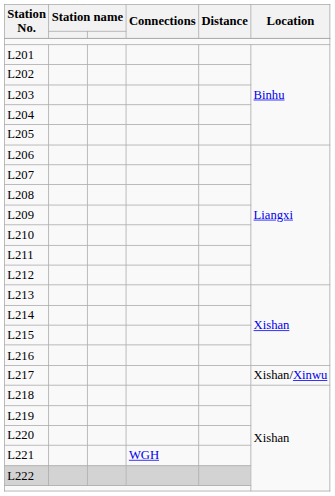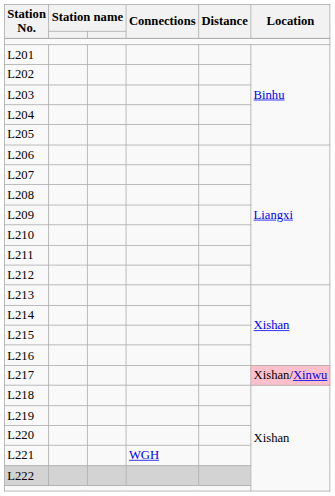 <table class="wikitable">
 <tr>
 <th rowspan="2">Station<br>No.</th>
 <th colspan="2">Station name</th>
 <th rowspan="2">Connections</th>
 <th rowspan="2">Distance<br></th>
 <th rowspan="2">Location</th>
 </tr>
 <tr>
 <th></th>
 <th></th>
 </tr>
 <tr style="background:#">
 </tr>
 <tr>
 </tr>
 <tr style="background:#">
 <td colspan="6"></td>
 </tr>
 <tr>
 <td>L201</td>
 <td></td>
 <td></td>
 <td></td>
 <td></td>
 <td rowspan="5"><a href='#'>Binhu</a></td>
 </tr>
 <tr>
 <td>L202</td>
 <td></td>
 <td></td>
 <td></td>
 <td></td>
 </tr>
 <tr>
 <td>L203</td>
 <td></td>
 <td></td>
 <td></td>
 <td></td>
 </tr>
 <tr>
 <td>L204</td>
 <td></td>
 <td></td>
 <td></td>
 <td></td>
 </tr>
 <tr>
 <td>L205</td>
 <td></td>
 <td></td>
 <td></td>
 <td></td>
 </tr>
 <tr>
 <td>L206</td>
 <td></td>
 <td></td>
 <td></td>
 <td></td>
 <td rowspan="7"><a href='#'>Liangxi</a></td>
 </tr>
 <tr>
 <td>L207</td>
 <td></td>
 <td></td>
 <td></td>
 <td></td>
 </tr>
 <tr>
 <td>L208</td>
 <td></td>
 <td></td>
 <td></td>
 <td></td>
 </tr>
 <tr>
 <td>L209</td>
 <td></td>
 <td></td>
 <td></td>
 <td></td>
 </tr>
 <tr>
 <td>L210</td>
 <td></td>
 <td></td>
 <td></td>
 <td></td>
 </tr>
 <tr>
 <td>L211</td>
 <td></td>
 <td></td>
 <td></td>
 <td></td>
 </tr>
 <tr>
 <td>L212</td>
 <td></td>
 <td></td>
 <td></td>
 <td></td>
 </tr>
 <tr>
 <td>L213</td>
 <td></td>
 <td></td>
 <td></td>
 <td></td>
 <td rowspan="4"><a href='#'>Xishan</a></td>
 </tr>
 <tr>
 <td>L214</td>
 <td></td>
 <td></td>
 <td></td>
 <td></td>
 </tr>
 <tr>
 <td>L215</td>
 <td></td>
 <td></td>
 <td></td>
 <td></td>
 </tr>
 <tr>
 <td>L216</td>
 <td></td>
 <td></td>
 <td></td>
 <td></td>
 </tr>
 <tr>
 <td>L217</td>
 <td></td>
 <td></td>
 <td></td>
 <td></td>
-<td>Xishan/<a href='#'>Xinwu</a></td>
+<td style="background: pink;">Xishan/<a href='#'>Xinwu</a></td>
 </tr>
 <tr>
 <td>L218</td>
 <td></td>
 <td></td>
 <td></td>
 <td></td>
 <td rowspan="8">Xishan</td>
 </tr>
 <tr>
 <td>L219</td>
 <td></td>
 <td></td>
 <td></td>
 <td></td>
 </tr>
 <tr>
 <td>L220</td>
 <td></td>
 <td></td>
 <td></td>
 <td></td>
 </tr>
 <tr>
 <td>L221</td>
 <td></td>
 <td></td>
 <td> <a href='#'>WGH</a></td>
 <td></td>
 </tr>
 <tr bgcolor="lightgrey">
 <td>L222</td>
 <td><em></em></td>
 <td></td>
 <td></td>
 <td></td>
 </tr>
 <tr style="background:#">
 <td colspan="6"></td>
 </tr>
 </table>
